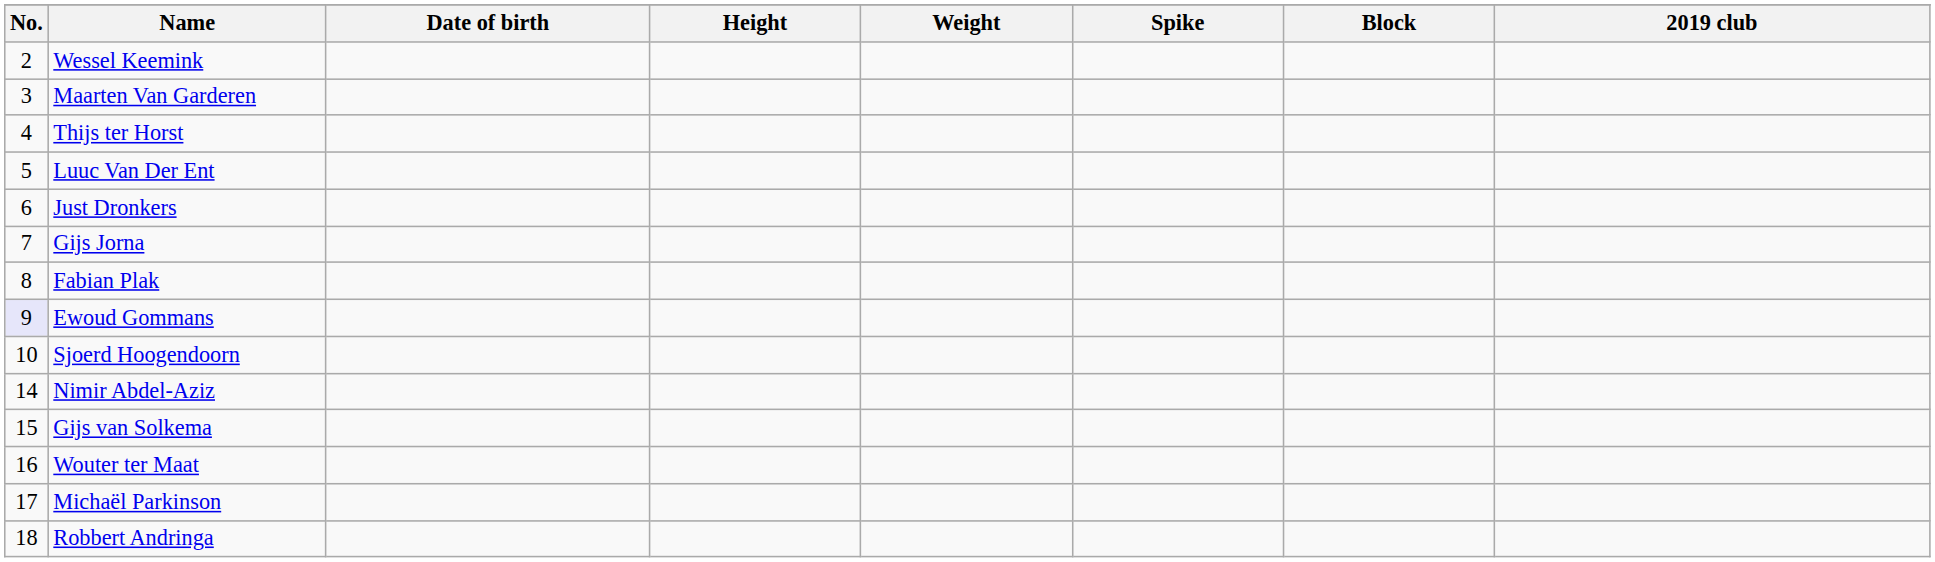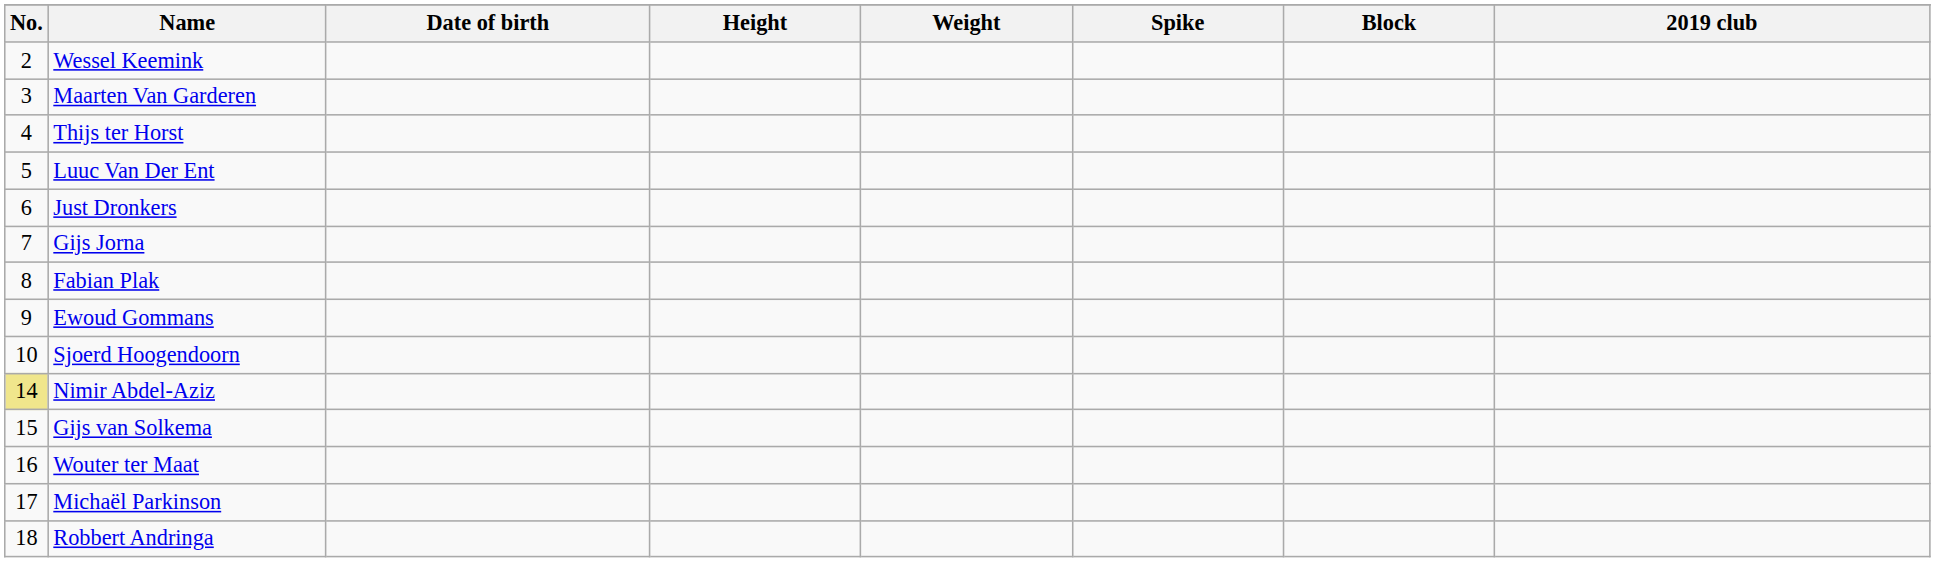 <table class="wikitable sortable" style="font-size:90%; text-align:center;">
 <tr>
 </tr>
 <tr>
 <th>No.</th>
 <th style="width:12em">Name</th>
 <th style="width:14em">Date of birth</th>
 <th style="width:9em">Height</th>
 <th style="width:9em">Weight</th>
 <th style="width:9em">Spike</th>
 <th style="width:9em">Block</th>
 <th style="width:19em">2019 club</th>
 </tr>
 <tr>
 <td>2</td>
 <td align=left><a href='#'>Wessel Keemink</a></td>
 <td></td>
 <td></td>
 <td></td>
 <td></td>
 <td></td>
 <td></td>
 </tr>
 <tr>
 <td>3</td>
 <td align=left><a href='#'>Maarten Van Garderen</a></td>
 <td></td>
 <td></td>
 <td></td>
 <td></td>
 <td></td>
 <td></td>
 </tr>
 <tr>
 <td>4</td>
 <td align=left><a href='#'>Thijs ter Horst</a></td>
 <td></td>
 <td></td>
 <td></td>
 <td></td>
 <td></td>
 <td></td>
 </tr>
 <tr>
 <td>5</td>
 <td align=left><a href='#'>Luuc Van Der Ent</a></td>
 <td></td>
 <td></td>
 <td></td>
 <td></td>
 <td></td>
 <td></td>
 </tr>
 <tr>
 <td>6</td>
 <td align=left><a href='#'>Just Dronkers</a></td>
 <td></td>
 <td></td>
 <td></td>
 <td></td>
 <td></td>
 <td></td>
 </tr>
 <tr>
 <td>7</td>
 <td align=left><a href='#'>Gijs Jorna</a></td>
 <td></td>
 <td></td>
 <td></td>
 <td></td>
 <td></td>
 <td></td>
 </tr>
 <tr>
 <td>8</td>
 <td align=left><a href='#'>Fabian Plak</a></td>
 <td></td>
 <td></td>
 <td></td>
 <td></td>
 <td></td>
 <td></td>
 </tr>
 <tr>
-<td style="background: lavender;">9</td>
+<td>9</td>
 <td align=left><a href='#'>Ewoud Gommans</a></td>
 <td></td>
 <td></td>
 <td></td>
 <td></td>
 <td></td>
 <td></td>
 </tr>
 <tr>
 <td>10</td>
 <td align=left><a href='#'>Sjoerd Hoogendoorn</a></td>
 <td></td>
 <td></td>
 <td></td>
 <td></td>
 <td></td>
 <td></td>
 </tr>
 <tr>
-<td>14</td>
+<td style="background: khaki;">14</td>
 <td align=left><a href='#'>Nimir Abdel-Aziz</a></td>
 <td></td>
 <td></td>
 <td></td>
 <td></td>
 <td></td>
 <td></td>
 </tr>
 <tr>
 <td>15</td>
 <td align=left><a href='#'>Gijs van Solkema</a></td>
 <td></td>
 <td></td>
 <td></td>
 <td></td>
 <td></td>
 <td></td>
 </tr>
 <tr>
 <td>16</td>
 <td align=left><a href='#'>Wouter ter Maat</a></td>
 <td></td>
 <td></td>
 <td></td>
 <td></td>
 <td></td>
 <td></td>
 </tr>
 <tr>
 <td>17</td>
 <td align=left><a href='#'>Michaël Parkinson</a></td>
 <td></td>
 <td></td>
 <td></td>
 <td></td>
 <td></td>
 <td></td>
 </tr>
 <tr>
 <td>18</td>
 <td align=left><a href='#'>Robbert Andringa</a></td>
 <td></td>
 <td></td>
 <td></td>
 <td></td>
 <td></td>
 <td></td>
 </tr>
 </table>
